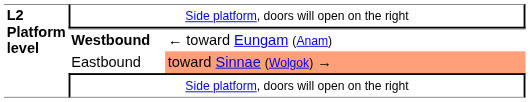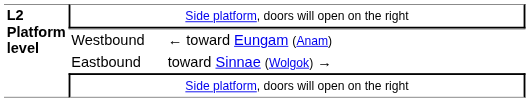 <table table border=0 cellspacing=0 cellpadding=3>
 <tr>
 <td style="border-top:solid 1px gray;border-bottom:solid 1px gray;" width=50 rowspan=10 valign=top><strong>L2<br>Platform level</strong></td>
 <td style="border-top:solid 1px gray;border-right:solid 2px black;border-left:solid 2px black;border-bottom:solid 2px black;text-align:center;" colspan=2><small><a href='#'>Side platform</a>, doors will open on the right</small></td>
 </tr>
 <tr>
-<td style="border-bottom:solid 0px gray;border-top:solid 1px gray;" width=100><strong>Westbound</strong></td>
+<td style="border-bottom:solid 0px gray;border-top:solid 1px gray;" width=100>Westbound</td>
 <td style="border-bottom:solid 0px gray;border-top:solid 1px gray;" width=390>←  toward <a href='#'>Eungam</a> <small>(<a href='#'>Anam</a>)</small></td>
 </tr>
 <tr>
 <td>Eastbound</td>
-<td style="background: lightsalmon;">  toward <a href='#'>Sinnae</a> <small>(<a href='#'>Wolgok</a>)</small> →</td>
+<td>  toward <a href='#'>Sinnae</a> <small>(<a href='#'>Wolgok</a>)</small> →</td>
 </tr>
 <tr>
 <td style="border-top:solid 2px black;border-right:solid 2px black;border-left:solid 2px black;border-bottom:solid 1px gray;text-align:center;" colspan=2><small><a href='#'>Side platform</a>, doors will open on the right </small></td>
 </tr>
 </table>
